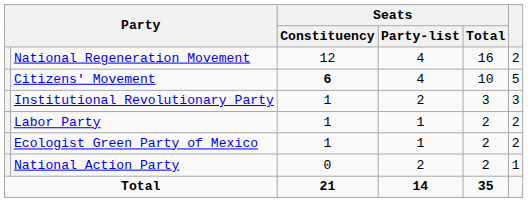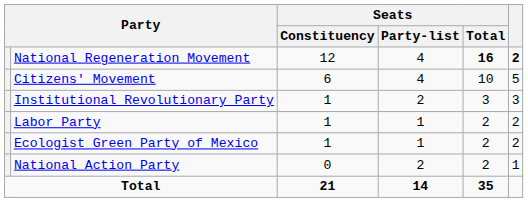 <table class="wikitable" style="text-align:center;">
 <tr>
 <th colspan="2" rowspan="2">Party</th>
 <th colspan="3">Seats</th>
 <th rowspan="2"></th>
 </tr>
 <tr>
 <th style="width:3em"><strong>Constituency</strong></th>
 <th>Party-list</th>
 <th>Total</th>
 </tr>
 <tr>
 <th style="background-color:"></th>
 <td style="text-align:left;"><a href='#'>National Regeneration Movement</a></td>
 <td>12</td>
 <td>4</td>
-<td>16</td>
-<td> 2</td>
+<td><strong>16</strong></td>
+<td><strong> 2</strong></td>
 </tr>
 <tr>
 <th style="background-color:"></th>
 <td style="text-align:left;"><a href='#'>Citizens' Movement</a></td>
-<td><strong>6</strong></td>
+<td>6</td>
 <td>4</td>
 <td>10</td>
 <td> 5</td>
 </tr>
 <tr>
 <th style="background-color:"></th>
 <td style="text-align:left;"><a href='#'>Institutional Revolutionary Party</a></td>
 <td>1</td>
 <td>2</td>
 <td>3</td>
 <td> 3</td>
 </tr>
 <tr>
 <th style="background-color:"></th>
 <td style="text-align:left;"><a href='#'>Labor Party</a></td>
 <td>1</td>
 <td>1</td>
 <td>2</td>
 <td> 2</td>
 </tr>
 <tr>
 <th style="background-color:"></th>
 <td style="text-align:left;"><a href='#'>Ecologist Green Party of Mexico</a></td>
 <td>1</td>
 <td>1</td>
 <td>2</td>
 <td> 2</td>
 </tr>
 <tr>
 <th style="background-color:"></th>
 <td style="text-align:left;"><a href='#'>National Action Party</a></td>
 <td>0</td>
 <td>2</td>
 <td>2</td>
 <td> 1</td>
 </tr>
 <tr>
 <td colspan="2"><strong>Total</strong></td>
 <td><strong>21</strong></td>
 <td><strong>14</strong></td>
 <td><strong>35</strong></td>
 <td></td>
 </tr>
 </table>
